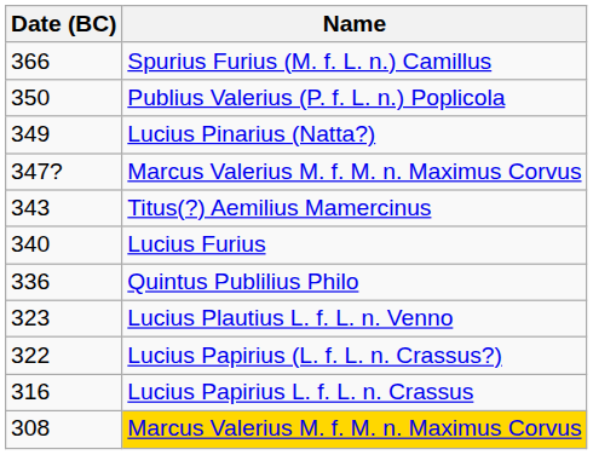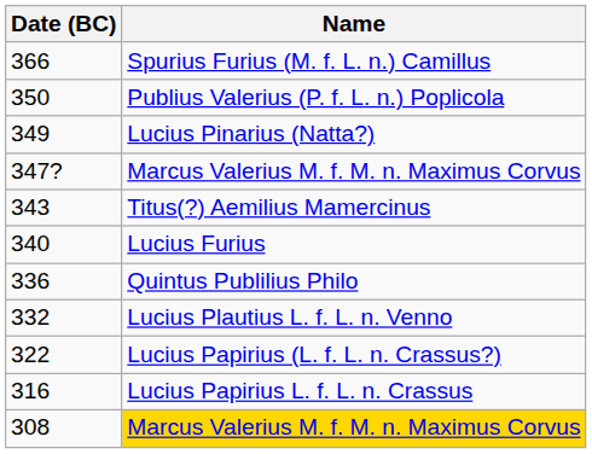 <table class="wikitable sortable">
 <tr>
 <th>Date (BC)</th>
 <th>Name</th>
 </tr>
 <tr>
 <td>366</td>
 <td><a href='#'>Spurius Furius (M. f. L. n.) Camillus</a></td>
 </tr>
 <tr>
 <td>350</td>
 <td><a href='#'>Publius Valerius (P. f. L. n.) Poplicola</a></td>
 </tr>
 <tr>
 <td>349</td>
 <td><a href='#'>Lucius Pinarius (Natta?)</a></td>
 </tr>
 <tr>
 <td>347?</td>
 <td><a href='#'>Marcus Valerius M. f. M. n. Maximus Corvus</a></td>
 </tr>
 <tr>
 <td>343</td>
 <td><a href='#'>Titus(?) Aemilius Mamercinus</a></td>
 </tr>
 <tr>
 <td>340</td>
 <td><a href='#'>Lucius Furius</a></td>
 </tr>
 <tr>
 <td>336</td>
 <td><a href='#'>Quintus Publilius Philo</a></td>
 </tr>
 <tr>
-<td>323</td>
+<td>332</td>
 <td><a href='#'>Lucius Plautius L. f. L. n. Venno</a></td>
 </tr>
 <tr>
 <td>322</td>
 <td><a href='#'>Lucius Papirius (L. f. L. n. Crassus?)</a></td>
 </tr>
 <tr>
 <td>316</td>
 <td><a href='#'>Lucius Papirius L. f. L. n. Crassus</a></td>
 </tr>
 <tr>
 <td>308</td>
 <td style="background: gold;"><a href='#'>Marcus Valerius M. f. M. n. Maximus Corvus</a></td>
 </tr>
 </table>
